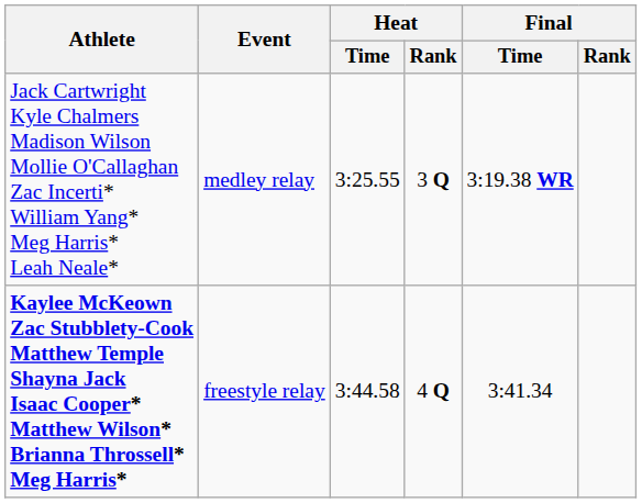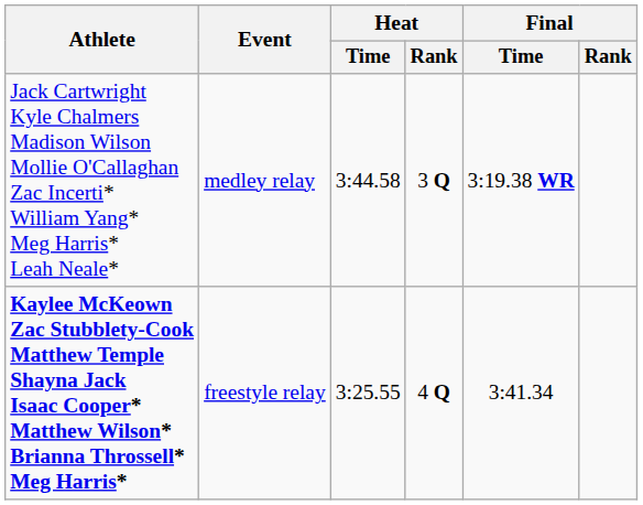 <table class="wikitable" style="text-align:center; font-size:90%">
 <tr>
 <th rowspan=2>Athlete</th>
 <th rowspan=2>Event</th>
 <th colspan=2>Heat</th>
 <th colspan=2>Final</th>
 </tr>
 <tr style="font-size:95%">
 <th>Time</th>
 <th>Rank</th>
 <th>Time</th>
 <th>Rank</th>
 </tr>
 <tr>
 <td align=left><a href='#'>Jack Cartwright</a><br><a href='#'>Kyle Chalmers</a><br><a href='#'>Madison Wilson</a><br><a href='#'>Mollie O'Callaghan</a><br><a href='#'>Zac Incerti</a>*<br><a href='#'>William Yang</a>*<br><a href='#'>Meg Harris</a>*<br><a href='#'>Leah Neale</a>*</td>
 <td align=left><a href='#'> medley relay</a></td>
-<td>3:25.55</td>
+<td>3:44.58</td>
 <td>3 <strong>Q</strong></td>
 <td>3:19.38 <a href='#'><strong>WR</strong></a></td>
 <td></td>
 </tr>
 <tr>
 <td align=left><strong><a href='#'>Kaylee McKeown</a><br><a href='#'>Zac Stubblety-Cook</a><br><a href='#'>Matthew Temple</a><br><a href='#'>Shayna Jack</a><br><a href='#'>Isaac Cooper</a>*<br><a href='#'>Matthew Wilson</a>*<br><a href='#'>Brianna Throssell</a>*<br><a href='#'>Meg Harris</a>*</strong></td>
 <td align=left><a href='#'> freestyle relay</a></td>
-<td>3:44.58</td>
+<td>3:25.55</td>
 <td>4 <strong>Q</strong></td>
 <td>3:41.34</td>
 <td></td>
 </tr>
 </table>
